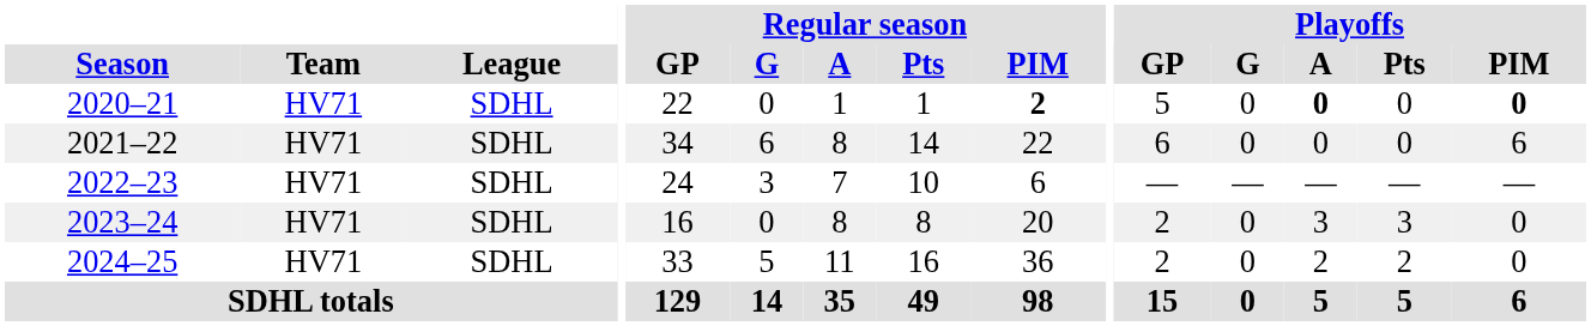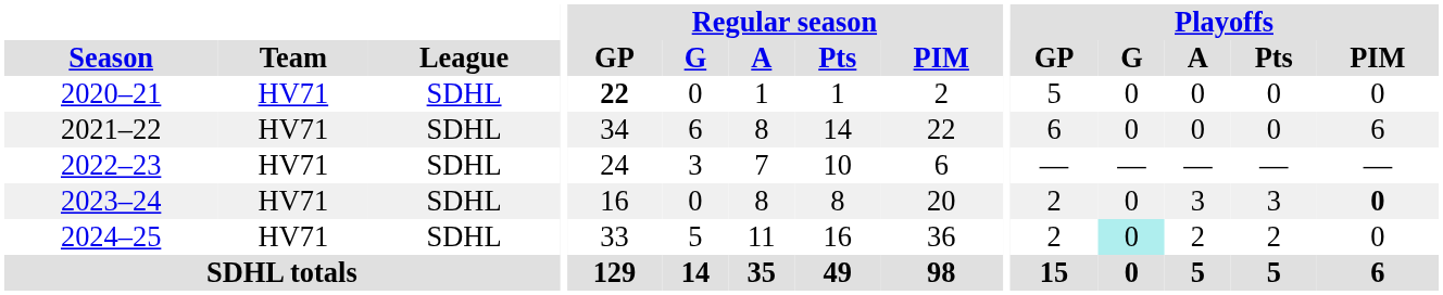 <table border="0" cellpadding="1" cellspacing="0" style="text-align:center; width:50em">
 <tr bgcolor="#e0e0e0">
 <th colspan="3" bgcolor="#ffffff"></th>
 <th rowspan="97" bgcolor="#ffffff"></th>
 <th colspan="5"><a href='#'>Regular season</a></th>
 <th rowspan="97" bgcolor="#ffffff"></th>
 <th colspan="5"><a href='#'>Playoffs</a></th>
 </tr>
 <tr bgcolor="#e0e0e0">
 <th><a href='#'>Season</a></th>
 <th>Team</th>
 <th>League</th>
 <th>GP</th>
 <th><a href='#'>G</a></th>
 <th><a href='#'>A</a></th>
 <th><a href='#'>Pts</a></th>
 <th><a href='#'>PIM</a></th>
 <th>GP</th>
 <th>G</th>
 <th>A</th>
 <th>Pts</th>
 <th>PIM</th>
 </tr>
 <tr>
 <td><a href='#'>2020–21</a></td>
 <td><a href='#'>HV71</a></td>
 <td><a href='#'>SDHL</a></td>
-<td>22</td>
+<td><strong>22</strong></td>
 <td>0</td>
 <td>1</td>
 <td>1</td>
-<td><strong>2</strong></td>
+<td>2</td>
 <td>5</td>
 <td>0</td>
-<td><strong>0</strong></td>
 <td>0</td>
-<td><strong>0</strong></td>
+<td>0</td>
+<td>0</td>
 </tr>
 <tr bgcolor="#f0f0f0">
 <td>2021–22</td>
 <td>HV71</td>
 <td>SDHL</td>
 <td>34</td>
 <td>6</td>
 <td>8</td>
 <td>14</td>
 <td>22</td>
 <td>6</td>
 <td>0</td>
 <td>0</td>
 <td>0</td>
 <td>6</td>
 </tr>
 <tr>
 <td><a href='#'>2022–23</a></td>
 <td>HV71</td>
 <td>SDHL</td>
 <td>24</td>
 <td>3</td>
 <td>7</td>
 <td>10</td>
 <td>6</td>
 <td>—</td>
 <td>—</td>
 <td>—</td>
 <td>—</td>
 <td>—</td>
 </tr>
 <tr bgcolor="#f0f0f0">
 <td><a href='#'>2023–24</a></td>
 <td>HV71</td>
 <td>SDHL</td>
 <td>16</td>
 <td>0</td>
 <td>8</td>
 <td>8</td>
 <td>20</td>
 <td>2</td>
 <td>0</td>
 <td>3</td>
 <td>3</td>
-<td>0</td>
+<td><strong>0</strong></td>
 </tr>
 <tr>
 <td><a href='#'>2024–25</a></td>
 <td>HV71</td>
 <td>SDHL</td>
 <td>33</td>
 <td>5</td>
 <td>11</td>
 <td>16</td>
 <td>36</td>
 <td>2</td>
-<td>0</td>
+<td style="background: paleturquoise;">0</td>
 <td>2</td>
 <td>2</td>
 <td>0</td>
 </tr>
 <tr bgcolor="#e0e0e0">
 <th colspan="3">SDHL totals</th>
 <th>129</th>
 <th>14</th>
 <th>35</th>
 <th>49</th>
 <th>98</th>
 <th>15</th>
 <th>0</th>
 <th>5</th>
 <th>5</th>
 <th>6</th>
 </tr>
 </table>
